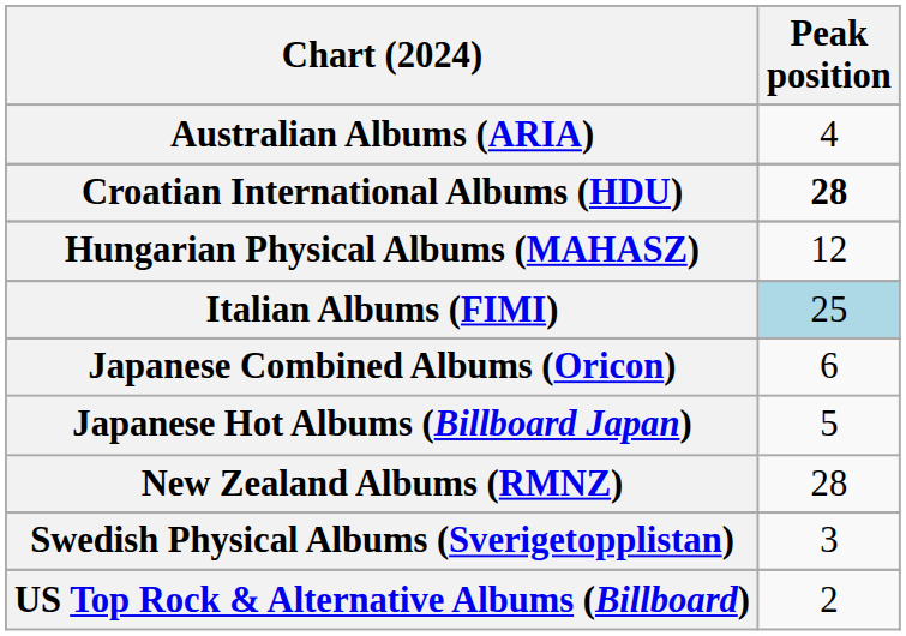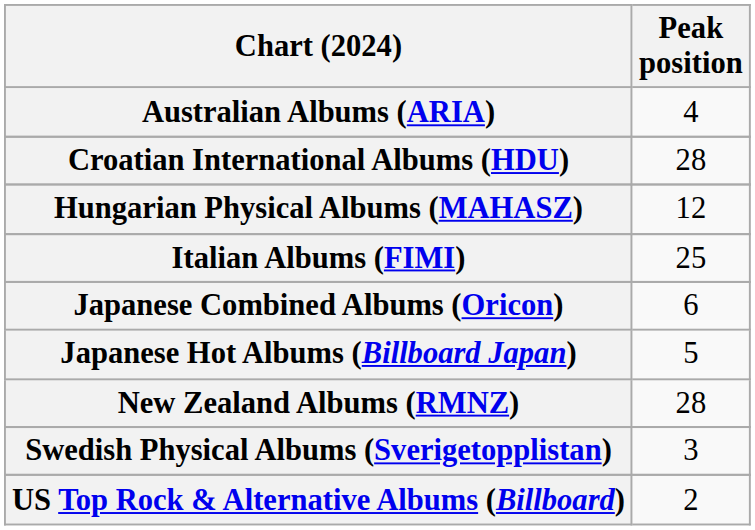 <table class="wikitable sortable plainrowheaders" style="text-align:center">
 <tr>
 <th scope="col">Chart (2024)</th>
 <th scope="col">Peak<br>position</th>
 </tr>
 <tr>
 <th scope="row">Australian Albums (<a href='#'>ARIA</a>)</th>
 <td>4</td>
 </tr>
 <tr>
 </tr>
 <tr>
 </tr>
 <tr>
 </tr>
 <tr>
 </tr>
 <tr>
 <th scope="row">Croatian International Albums (<a href='#'>HDU</a>)</th>
-<td><strong>28</strong></td>
+<td>28</td>
 </tr>
 <tr>
 </tr>
 <tr>
 </tr>
 <tr>
 </tr>
 <tr>
 <th scope="row">Hungarian Physical Albums (<a href='#'>MAHASZ</a>)</th>
 <td>12</td>
 </tr>
 <tr>
 </tr>
 <tr>
 <th scope="row">Italian Albums (<a href='#'>FIMI</a>)</th>
-<td style="background: lightblue;">25</td>
+<td>25</td>
 </tr>
 <tr>
 </tr>
 <tr>
 <th scope="row">Japanese Combined Albums (<a href='#'>Oricon</a>)</th>
 <td>6</td>
 </tr>
 <tr>
 <th scope="row">Japanese Hot Albums (<em><a href='#'>Billboard Japan</a></em>)</th>
 <td>5</td>
 </tr>
 <tr>
 <th scope="row">New Zealand Albums (<a href='#'>RMNZ</a>)</th>
 <td>28</td>
 </tr>
 <tr>
 </tr>
 <tr>
 </tr>
 <tr>
 </tr>
 <tr>
 <th scope="row">Swedish Physical Albums (<a href='#'>Sverigetopplistan</a>)</th>
 <td>3</td>
 </tr>
 <tr>
 </tr>
 <tr>
 </tr>
 <tr>
 </tr>
 <tr>
 <th scope="row">US <a href='#'>Top Rock & Alternative Albums</a> (<em><a href='#'>Billboard</a></em>)</th>
 <td>2</td>
 </tr>
 </table>
